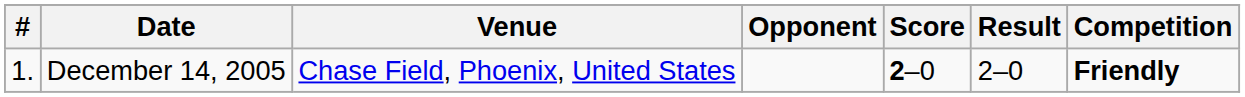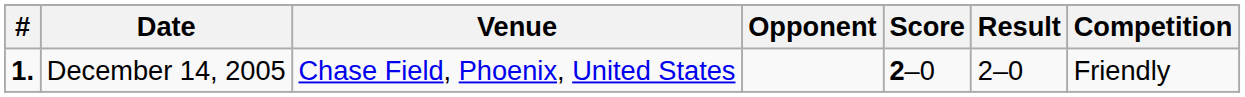 <table class="wikitable" style="font-size:90%">
 <tr>
 </tr>
 <tr>
 <th>#</th>
 <th>Date</th>
 <th>Venue</th>
 <th>Opponent</th>
 <th>Score</th>
 <th>Result</th>
 <th>Competition</th>
 </tr>
 <tr>
-<td>1.</td>
+<td><strong>1.</strong></td>
 <td>December 14, 2005</td>
 <td><a href='#'>Chase Field</a>, <a href='#'>Phoenix</a>, <a href='#'>United States</a></td>
 <td></td>
 <td><strong>2</strong>–0</td>
 <td>2–0</td>
-<td><strong>Friendly</strong></td>
+<td>Friendly</td>
 </tr>
 </table>
